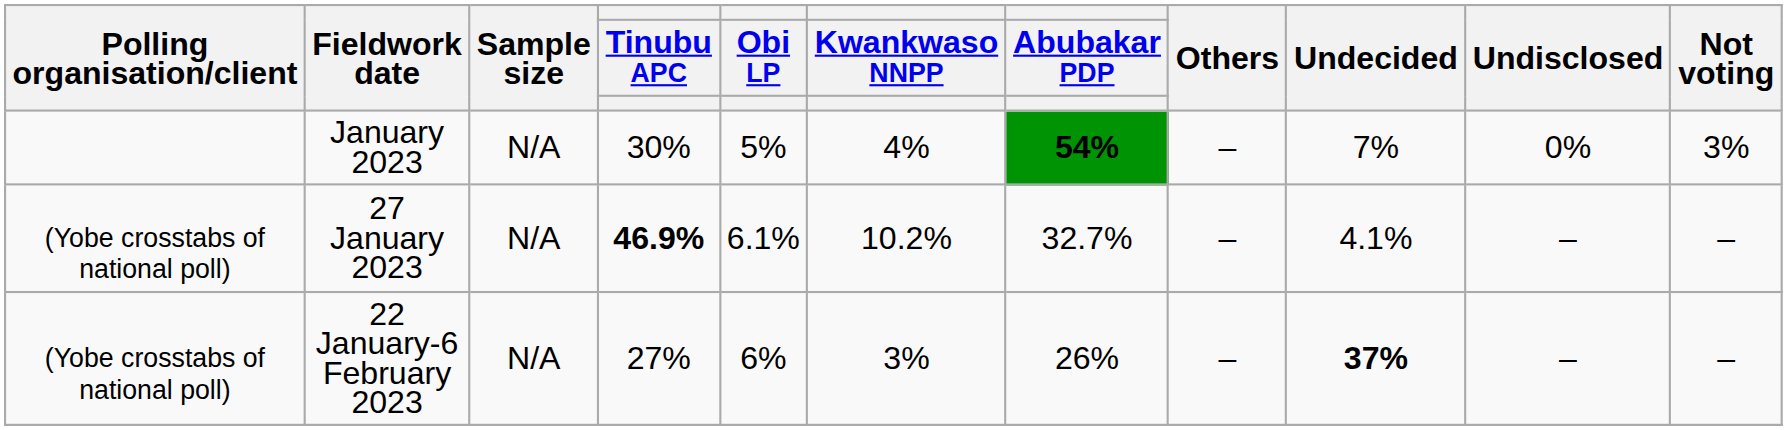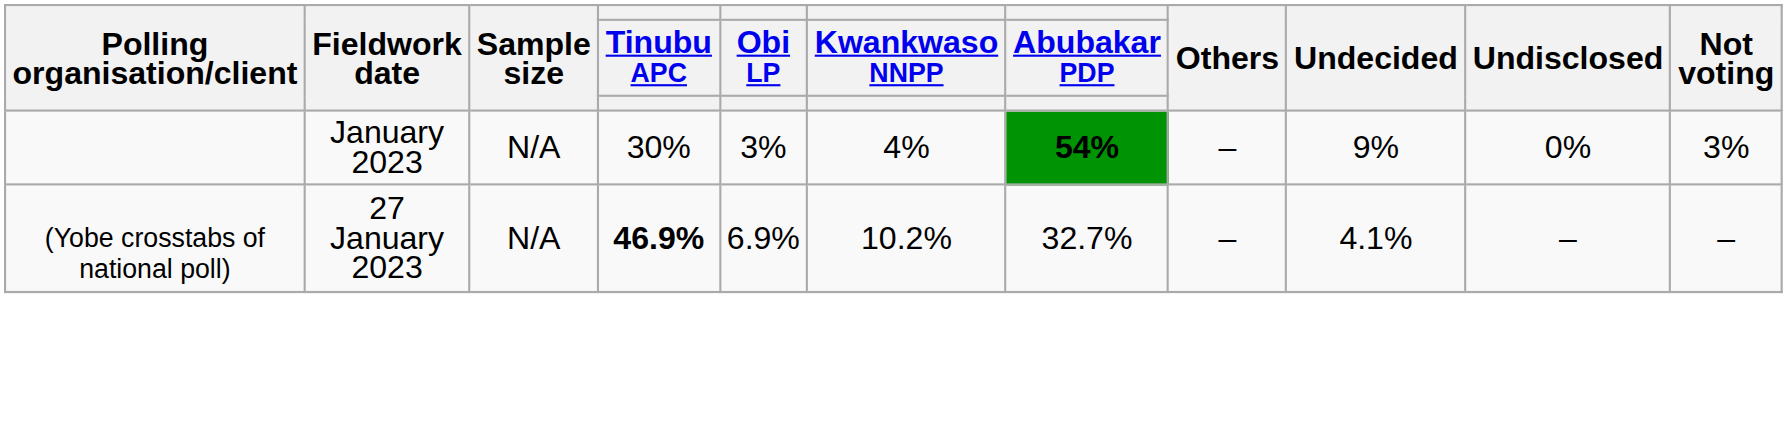 <table class="wikitable" style="text-align:center;font-size:95%;line-height:14px;">
 <tr>
 <th rowspan="3">Polling organisation/client</th>
 <th rowspan="3">Fieldwork<br>date</th>
 <th rowspan="3">Sample<br>size</th>
 <th></th>
 <th></th>
 <th></th>
 <th></th>
 <th rowspan="3">Others</th>
 <th rowspan="3">Undecided</th>
 <th rowspan="3">Undisclosed</th>
 <th rowspan="3">Not voting</th>
 </tr>
 <tr>
 <th><a href='#'>Tinubu</a><br><small><a href='#'>APC</a></small></th>
 <th><a href='#'>Obi</a><br><small><a href='#'>LP</a></small></th>
 <th><a href='#'>Kwankwaso</a><br><small><a href='#'>NNPP</a></small></th>
 <th><a href='#'>Abubakar</a><br><small><a href='#'>PDP</a></small></th>
 </tr>
 <tr>
 <th style="background:"></th>
 <th style="background:"></th>
 <th style="background:"></th>
 <th style="background:"></th>
 </tr>
 <tr>
 <td></td>
 <td>January 2023</td>
 <td>N/A</td>
 <td>30%</td>
-<td>5%</td>
+<td>3%</td>
 <td>4%</td>
 <td bgcolor=#009404><strong>54%</strong></td>
 <td>–</td>
-<td>7%</td>
+<td>9%</td>
 <td>0%</td>
 <td>3%</td>
 </tr>
 <tr>
 <td><br><small>(Yobe crosstabs of national poll)</small></td>
 <td>27 January 2023</td>
 <td>N/A</td>
 <td><strong>46.9%</strong></td>
-<td>6.1%</td>
+<td>6.9%</td>
 <td>10.2%</td>
 <td>32.7%</td>
 <td>–</td>
 <td>4.1%</td>
 <td>–</td>
 <td>–</td>
 </tr>
 <tr>
-<td><br><small>(Yobe crosstabs of national poll)</small></td>
-<td>22 January-6 February 2023</td>
-<td>N/A</td>
-<td>27%</td>
-<td>6%</td>
-<td>3%</td>
-<td>26%</td>
-<td>–</td>
-<td><strong>37%</strong></td>
-<td>–</td>
-<td>–</td>
-</tr>
-<tr>
 </tr>
 </table>
